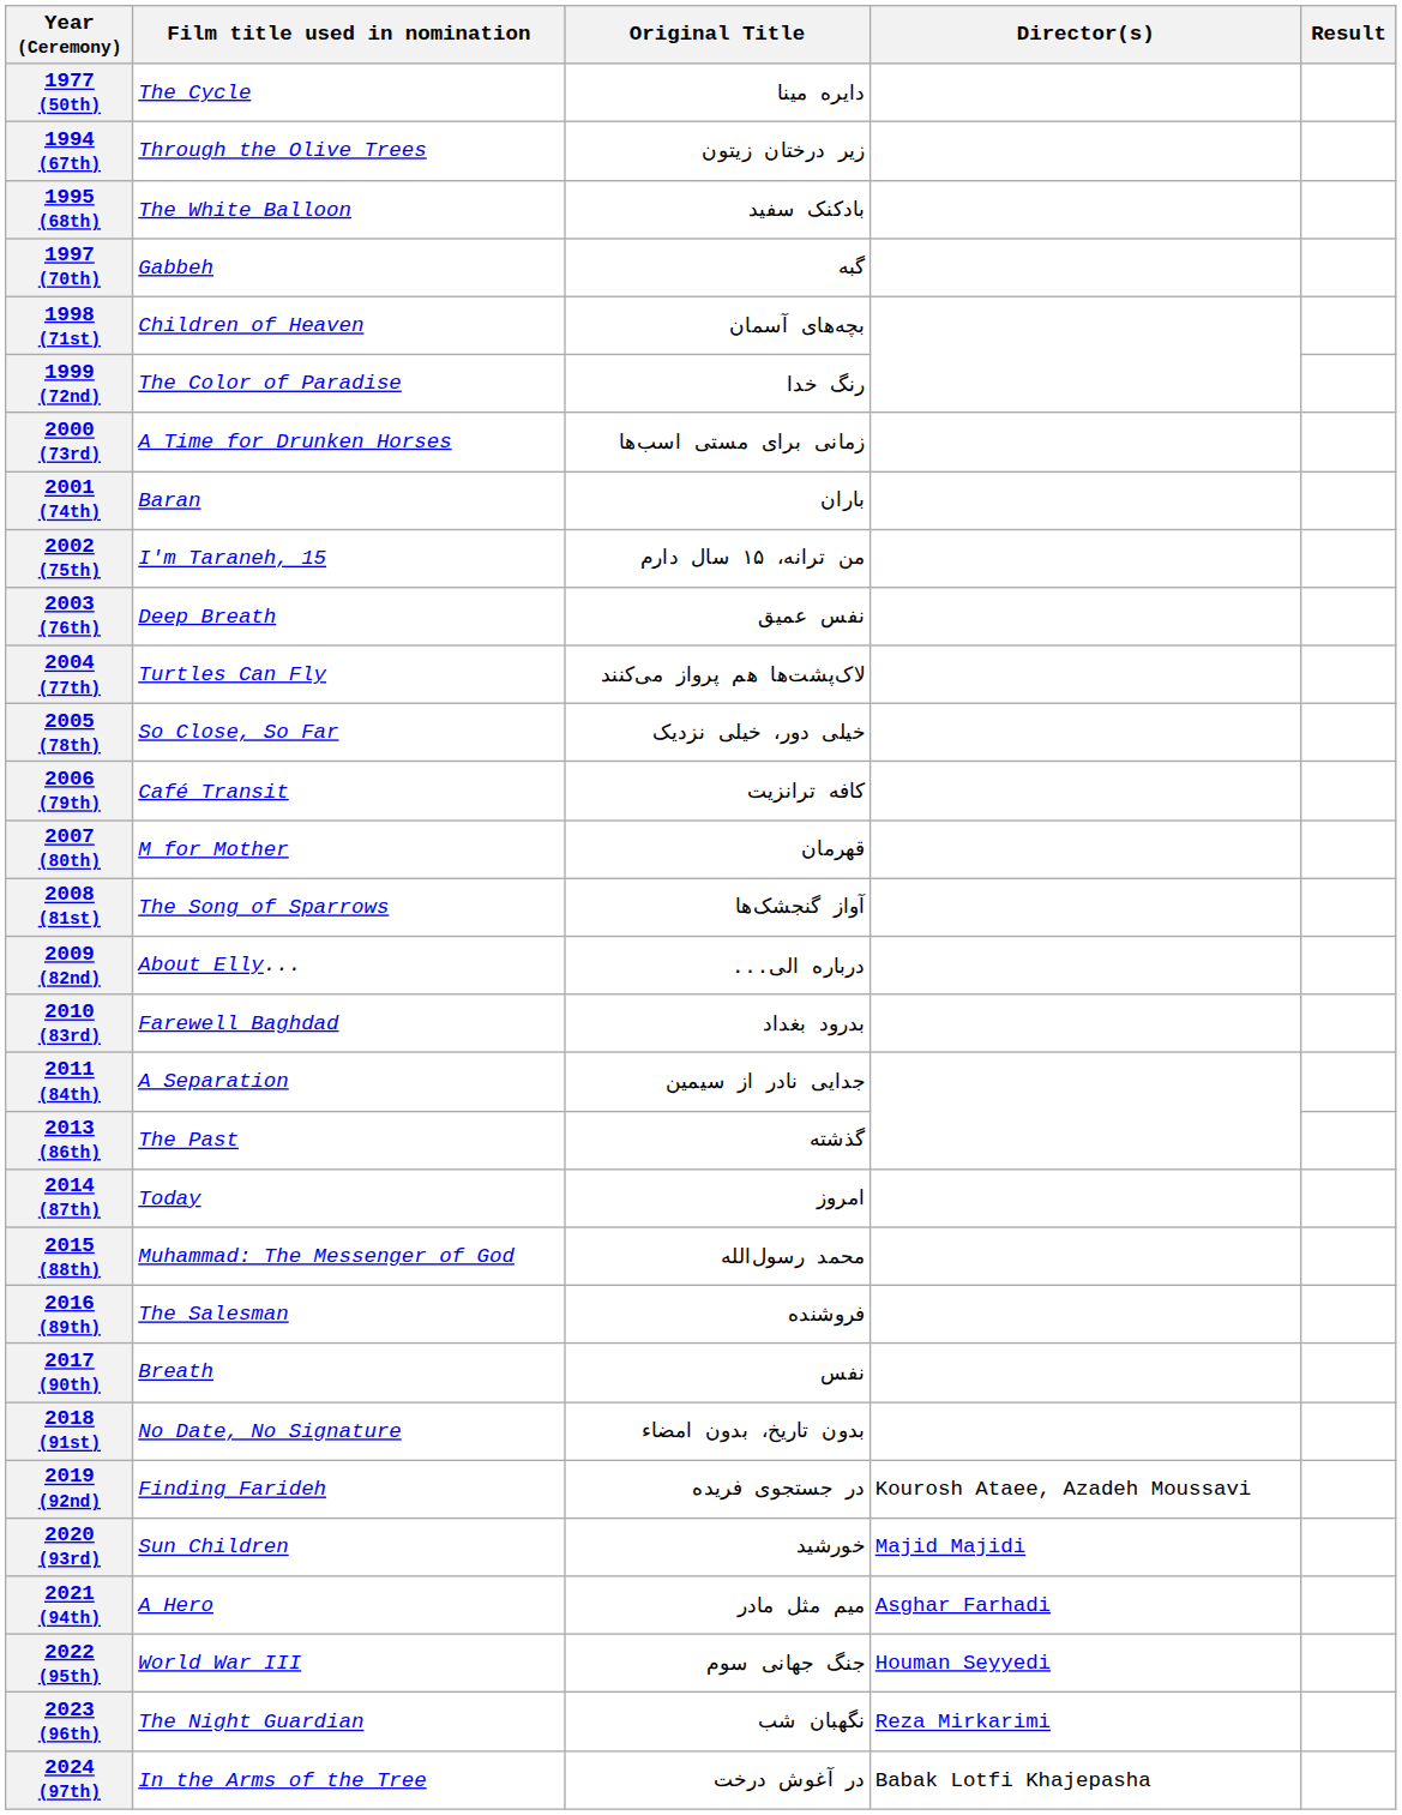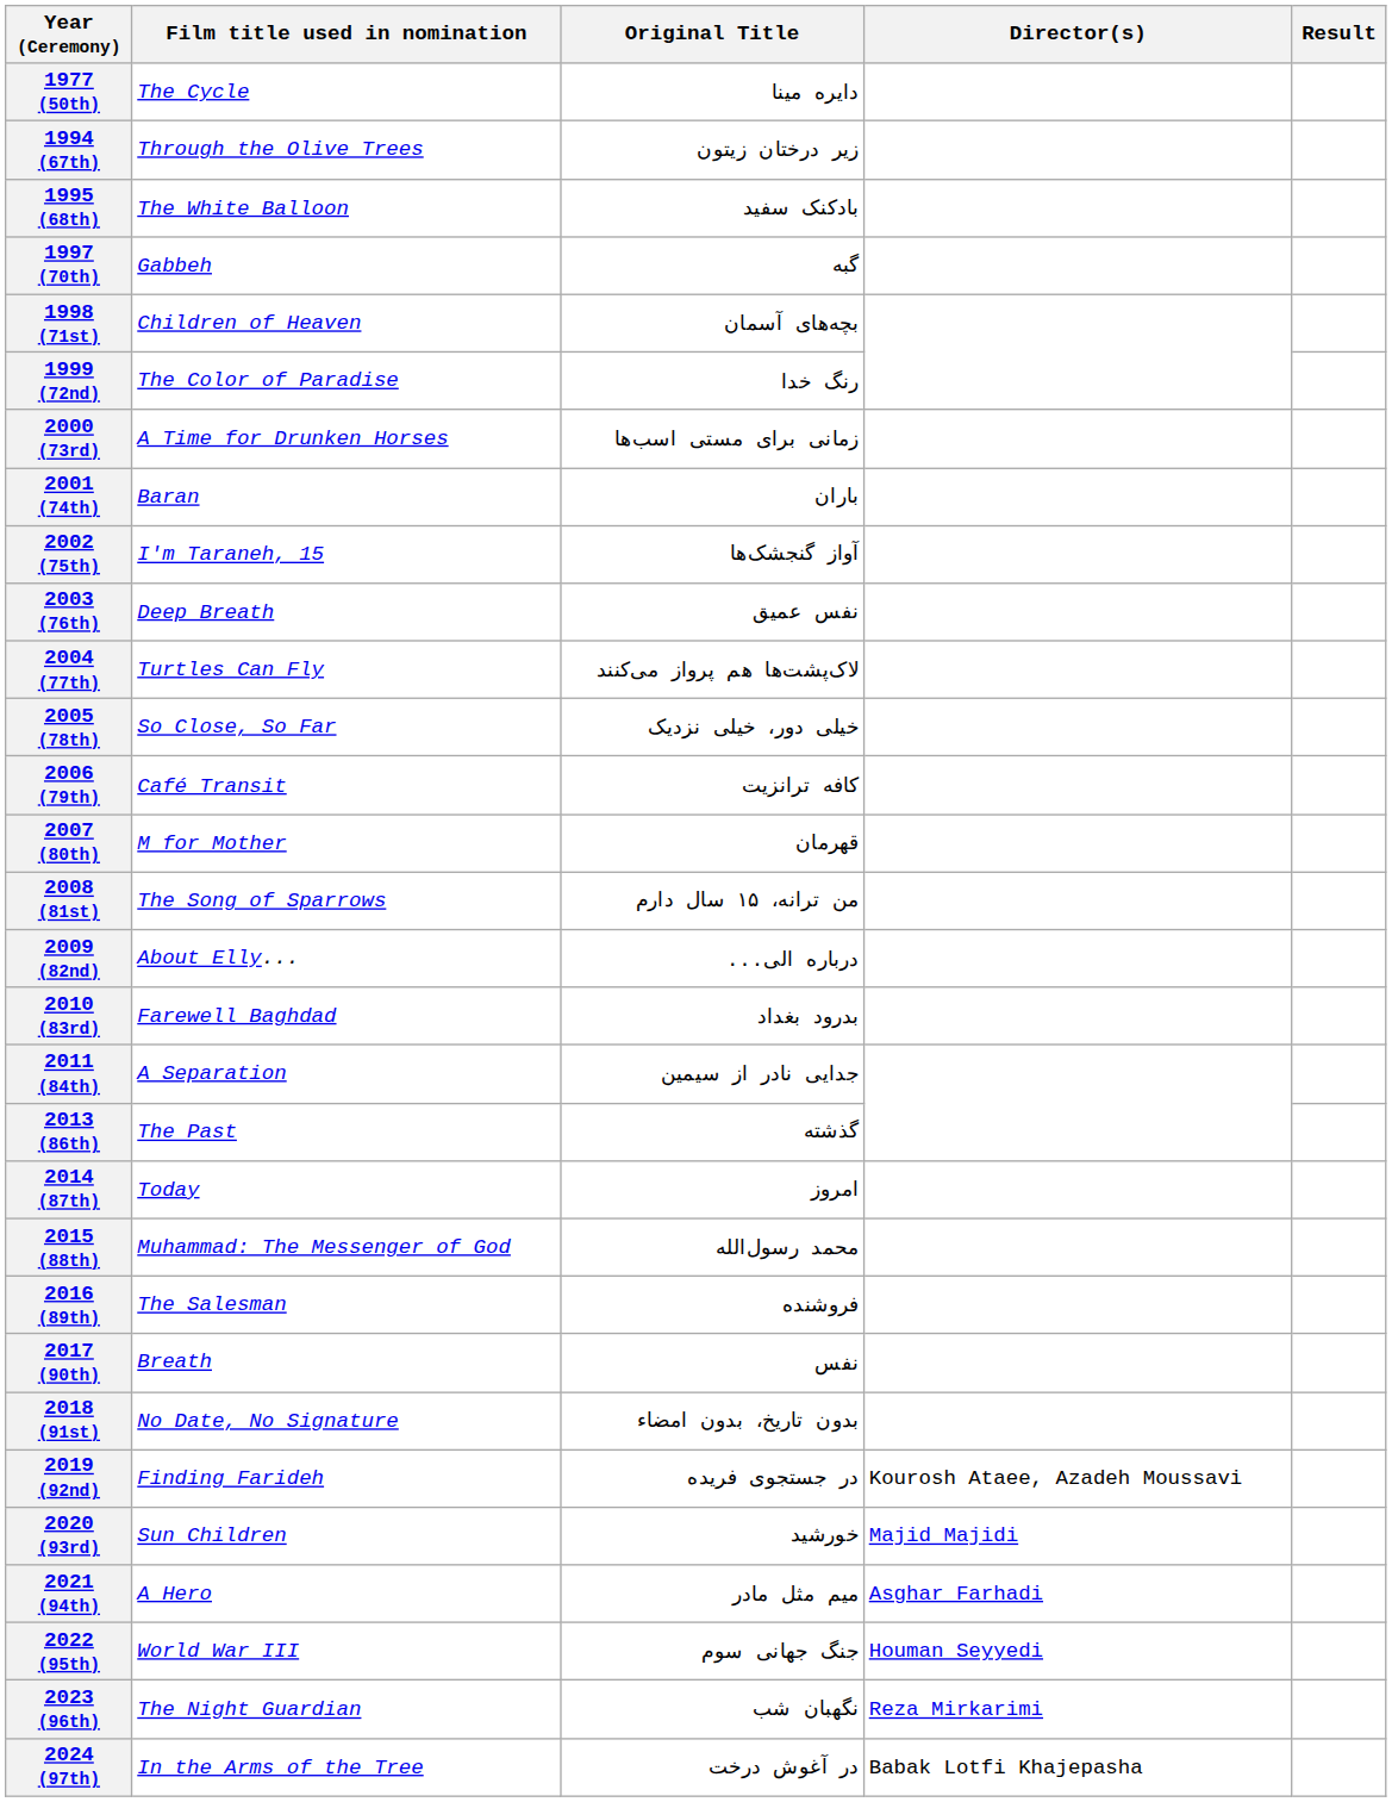 <table class="wikitable sortable" width="98%" style="background:#ffffff;">
 <tr>
 <th>Year<br><small>(Ceremony)</small></th>
 <th>Film title used in nomination</th>
 <th>Original Title</th>
 <th>Director(s)</th>
 <th>Result</th>
 </tr>
 <tr>
 <th align="center"><a href='#'>1977</a><br><small><a href='#'>(50th)</a></small></th>
 <td><em><a href='#'>The Cycle</a></em></td>
 <td align="right">دايره مينا</td>
 <td></td>
 <td></td>
 </tr>
 <tr>
 <th align="center"><a href='#'>1994</a><br><small><a href='#'>(67th)</a></small></th>
 <td><em><a href='#'>Through the Olive Trees</a></em></td>
 <td align="right">زیر درختان زیتون</td>
 <td></td>
 <td></td>
 </tr>
 <tr>
 <th align="center"><a href='#'>1995</a><br><small><a href='#'>(68th)</a></small></th>
 <td><em><a href='#'>The White Balloon</a></em></td>
 <td align="right">بادکنک سفید</td>
 <td></td>
 <td></td>
 </tr>
 <tr>
 <th align="center"><a href='#'>1997</a><br><small><a href='#'>(70th)</a></small></th>
 <td><em><a href='#'>Gabbeh</a></em></td>
 <td align="right">گبه</td>
 <td></td>
 <td></td>
 </tr>
 <tr>
 <th align="center"><a href='#'>1998</a><br><small><a href='#'>(71st)</a></small></th>
 <td><em><a href='#'>Children of Heaven</a></em></td>
 <td align="right">بچه‌های آسمان</td>
 <td rowspan="2"></td>
 <td></td>
 </tr>
 <tr>
 <th align="center"><a href='#'>1999</a><br><small><a href='#'>(72nd)</a></small></th>
 <td><em><a href='#'>The Color of Paradise</a></em></td>
 <td align="right">رنگ خدا</td>
 <td></td>
 </tr>
 <tr>
 <th align="center"><a href='#'>2000</a><br><small><a href='#'>(73rd)</a></small></th>
 <td><em><a href='#'>A Time for Drunken Horses</a></em></td>
 <td align="right">زمانی برای مستی اسب‌ها</td>
 <td></td>
 <td></td>
 </tr>
 <tr>
 <th align="center"><a href='#'>2001</a><br><small><a href='#'>(74th)</a></small></th>
 <td><em><a href='#'>Baran</a></em></td>
 <td align="right">باران</td>
 <td></td>
 <td></td>
 </tr>
 <tr>
 <th align="center"><a href='#'>2002</a><br><small><a href='#'>(75th)</a></small></th>
 <td><em><a href='#'>I'm Taraneh, 15</a></em></td>
-<td align="right">من ترانه، ۱۵ سال دارم</td>
+<td align="right">آواز گنجشک‌ها</td>
 <td></td>
 <td></td>
 </tr>
 <tr>
 <th align="center"><a href='#'>2003</a><br><small><a href='#'>(76th)</a></small></th>
 <td><em><a href='#'>Deep Breath</a></em></td>
 <td align="right">نفس عمیق</td>
 <td></td>
 <td></td>
 </tr>
 <tr>
 <th align="center"><a href='#'>2004</a><br><small><a href='#'>(77th)</a></small></th>
 <td><em><a href='#'>Turtles Can Fly</a></em></td>
 <td align="right">لاک‌پشت‌ها هم پرواز می‌کنند</td>
 <td></td>
 <td></td>
 </tr>
 <tr>
 <th align="center"><a href='#'>2005</a><br><small><a href='#'>(78th)</a></small></th>
 <td><em><a href='#'>So Close, So Far</a></em></td>
 <td align="right">خیلی دور، خیلی نزدیک</td>
 <td></td>
 <td></td>
 </tr>
 <tr>
 <th align="center"><a href='#'>2006</a><br><small><a href='#'>(79th)</a></small></th>
 <td><em><a href='#'>Café Transit</a></em></td>
 <td align="right">کافه ترانزیت</td>
 <td></td>
 <td></td>
 </tr>
 <tr>
 <th align="center"><a href='#'>2007</a><br><small><a href='#'>(80th)</a></small></th>
 <td><em><a href='#'>M for Mother</a></em></td>
 <td align="right">قهرمان</td>
 <td></td>
 <td></td>
 </tr>
 <tr>
 <th align="center"><a href='#'>2008</a><br><small><a href='#'>(81st)</a></small></th>
 <td><em><a href='#'>The Song of Sparrows</a></em></td>
-<td align="right">آواز گنجشک‌ها</td>
+<td align="right">من ترانه، ۱۵ سال دارم</td>
 <td></td>
 <td></td>
 </tr>
 <tr>
 <th align="center"><a href='#'>2009</a><br><small><a href='#'>(82nd)</a></small></th>
 <td><em><a href='#'>About Elly</a>...</em></td>
 <td align="right">...درباره الی</td>
 <td></td>
 <td></td>
 </tr>
 <tr>
 <th align="center"><a href='#'>2010</a><br><small><a href='#'>(83rd)</a></small></th>
 <td><em><a href='#'>Farewell Baghdad</a></em></td>
 <td align="right">بدرود بغداد</td>
 <td></td>
 <td></td>
 </tr>
 <tr>
 <th align="center"><a href='#'>2011</a><br><small><a href='#'>(84th)</a></small></th>
 <td><em><a href='#'>A Separation</a></em></td>
 <td align="right">جدایی نادر از سیمین</td>
 <td rowspan="2"></td>
 <td></td>
 </tr>
 <tr>
 <th align="center"><a href='#'>2013</a><br><small><a href='#'>(86th)</a></small></th>
 <td><em><a href='#'>The Past</a></em></td>
 <td align="right">گذشته</td>
 <td></td>
 </tr>
 <tr>
 <th align="center"><a href='#'>2014</a><br><small><a href='#'>(87th)</a></small></th>
 <td><em><a href='#'>Today</a></em></td>
 <td align="right">امروز</td>
 <td></td>
 <td></td>
 </tr>
 <tr>
 <th align="center"><a href='#'>2015</a><br><small><a href='#'>(88th)</a></small></th>
 <td><em><a href='#'>Muhammad: The Messenger of God</a></em></td>
 <td align="right">محمد رسول‌الله</td>
 <td></td>
 <td></td>
 </tr>
 <tr>
 <th align="center"><a href='#'>2016</a><br><small><a href='#'>(89th)</a></small></th>
 <td><em><a href='#'>The Salesman</a></em></td>
 <td align="right">فروشنده</td>
 <td></td>
 <td></td>
 </tr>
 <tr>
 <th align="center"><a href='#'>2017</a><br><small><a href='#'>(90th)</a></small></th>
 <td><em><a href='#'>Breath</a></em></td>
 <td align="right">نفس</td>
 <td></td>
 <td></td>
 </tr>
 <tr>
 <th align="center"><a href='#'>2018</a><br><small><a href='#'>(91st)</a></small></th>
 <td><em><a href='#'>No Date, No Signature</a></em></td>
 <td align="right">بدون تاریخ، بدون امضاء</td>
 <td></td>
 <td></td>
 </tr>
 <tr>
 <th align="center"><a href='#'>2019</a><br><small><a href='#'>(92nd)</a></small></th>
 <td><em><a href='#'>Finding Farideh</a></em></td>
 <td align="right">در جستجوی فریده</td>
 <td>Kourosh Ataee, Azadeh Moussavi</td>
 <td></td>
 </tr>
 <tr>
 <th align="center"><a href='#'>2020</a><br><small><a href='#'>(93rd)</a></small></th>
 <td><em><a href='#'>Sun Children</a></em></td>
 <td align="right">خورشید</td>
 <td><a href='#'>Majid Majidi</a></td>
 <td></td>
 </tr>
 <tr>
 <th align="center"><a href='#'>2021</a><br><small><a href='#'>(94th)</a></small></th>
 <td><em><a href='#'>A Hero</a></em></td>
 <td align="right">میم مثل مادر</td>
 <td><a href='#'>Asghar Farhadi</a></td>
 <td></td>
 </tr>
 <tr>
 <th align="center"><a href='#'>2022</a><br><small><a href='#'>(95th)</a></small></th>
 <td><em><a href='#'>World War III</a></em></td>
 <td align="right">جنگ جهانی سوم</td>
 <td><a href='#'>Houman Seyyedi</a></td>
 <td></td>
 </tr>
 <tr>
 <th align="center"><a href='#'>2023</a><br><small><a href='#'>(96th)</a></small></th>
 <td><em><a href='#'>The Night Guardian</a></em></td>
 <td align="right">نگهبان شب</td>
 <td><a href='#'>Reza Mirkarimi</a></td>
 <td></td>
 </tr>
 <tr>
 <th><a href='#'>2024</a><br><small><a href='#'>(97th)</a></small></th>
 <td><em><a href='#'>In the Arms of the Tree</a></em></td>
 <td align="right">در آغوش درخت</td>
 <td>Babak Lotfi Khajepasha</td>
 <td></td>
 </tr>
 </table>
